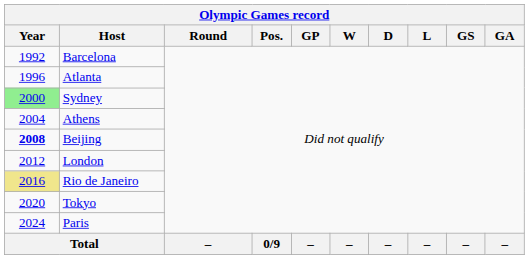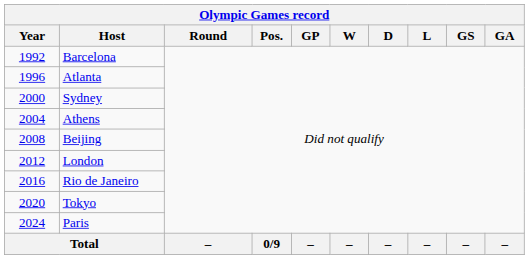 <table class="wikitable" style="text-align: center">
 <tr>
 <th colspan=10><a href='#'>Olympic Games record</a></th>
 </tr>
 <tr>
 <th width=60px>Year</th>
 <th width=120px>Host</th>
 <th width=100px>Round</th>
 <th width=40px>Pos.</th>
 <th width=40px>GP</th>
 <th width=40px>W</th>
 <th width=40px>D</th>
 <th width=40px>L</th>
 <th width=40px>GS</th>
 <th width=40px>GA</th>
 </tr>
 <tr>
 <td><a href='#'>1992</a></td>
 <td align=left> <a href='#'>Barcelona</a></td>
 <td colspan=9 rowspan=9><em>Did not qualify</em></td>
 </tr>
 <tr>
 <td><a href='#'>1996</a></td>
 <td align=left> <a href='#'>Atlanta</a></td>
 </tr>
 <tr>
-<td style="background: lightgreen;"><a href='#'>2000</a></td>
+<td><a href='#'>2000</a></td>
 <td align=left> <a href='#'>Sydney</a></td>
 </tr>
 <tr>
 <td><a href='#'>2004</a></td>
 <td align=left> <a href='#'>Athens</a></td>
 </tr>
 <tr>
-<td><strong><a href='#'>2008</a></strong></td>
+<td><a href='#'>2008</a></td>
 <td align=left> <a href='#'>Beijing</a></td>
 </tr>
 <tr>
 <td><a href='#'>2012</a></td>
 <td align=left> <a href='#'>London</a></td>
 </tr>
 <tr>
-<td style="background: khaki;"><a href='#'>2016</a></td>
+<td><a href='#'>2016</a></td>
 <td align=left> <a href='#'>Rio de Janeiro</a></td>
 </tr>
 <tr>
 <td><a href='#'>2020</a></td>
 <td align=left> <a href='#'>Tokyo</a></td>
 </tr>
 <tr>
 <td><a href='#'>2024</a></td>
 <td align=left> <a href='#'>Paris</a></td>
 </tr>
 <tr>
 <th colspan=2>Total</th>
 <th>–</th>
 <th>0/9</th>
 <th>–</th>
 <th>–</th>
 <th>–</th>
 <th>–</th>
 <th>–</th>
 <th>–</th>
 </tr>
 </table>
